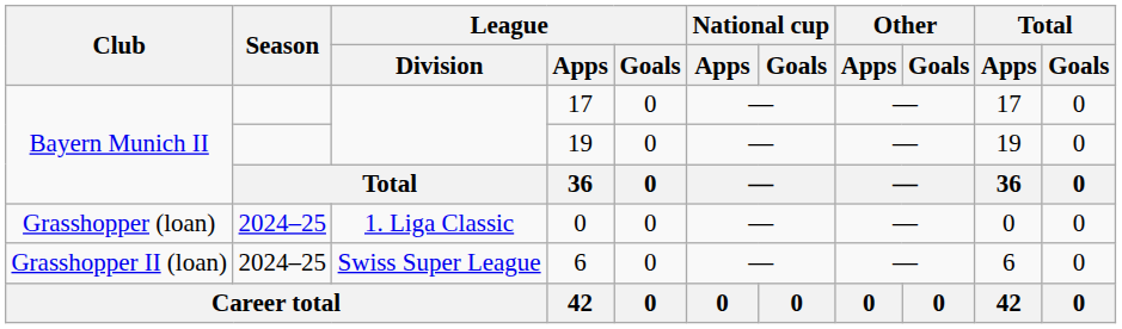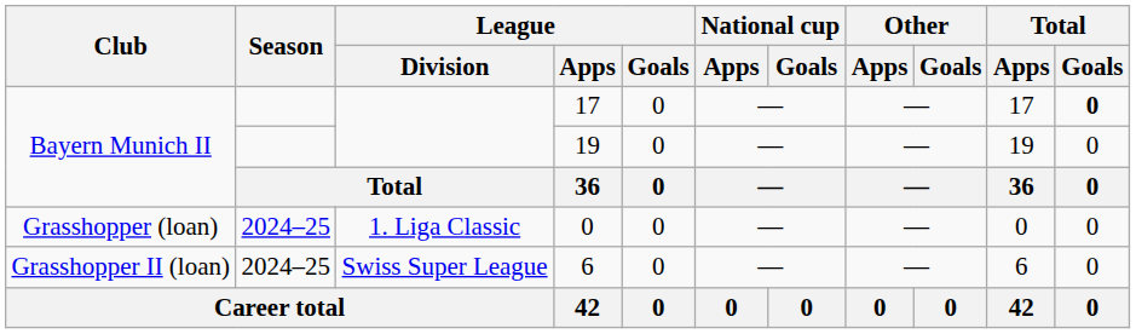 <table class="wikitable" style="text-align:center">
 <tr>
 <th rowspan="2">Club</th>
 <th rowspan="2">Season</th>
 <th colspan="3">League</th>
 <th colspan="2">National cup</th>
 <th colspan="2">Other</th>
 <th colspan="2">Total</th>
 </tr>
 <tr>
 <th>Division</th>
 <th>Apps</th>
 <th>Goals</th>
 <th>Apps</th>
 <th>Goals</th>
 <th>Apps</th>
 <th>Goals</th>
 <th>Apps</th>
 <th>Goals</th>
 </tr>
 <tr>
 <td rowspan="3"><a href='#'>Bayern Munich II</a></td>
 <td></td>
 <td rowspan="2"></td>
 <td>17</td>
 <td>0</td>
 <td colspan="2">—</td>
 <td colspan="2">—</td>
 <td>17</td>
-<td>0</td>
+<td><strong>0</strong></td>
 </tr>
 <tr>
 <td></td>
 <td>19</td>
 <td>0</td>
 <td colspan="2">—</td>
 <td colspan="2">—</td>
 <td>19</td>
 <td>0</td>
 </tr>
 <tr>
 <th colspan="2">Total</th>
 <th>36</th>
 <th>0</th>
 <th colspan="2">—</th>
 <th colspan="2">—</th>
 <th>36</th>
 <th>0</th>
 </tr>
 <tr>
 <td><a href='#'>Grasshopper</a> (loan)</td>
 <td><a href='#'>2024–25</a></td>
 <td><a href='#'>1. Liga Classic</a></td>
 <td>0</td>
 <td>0</td>
 <td colspan="2">—</td>
 <td colspan="2">—</td>
 <td>0</td>
 <td>0</td>
 </tr>
 <tr>
 <td><a href='#'>Grasshopper II</a> (loan)</td>
 <td>2024–25</td>
 <td><a href='#'>Swiss Super League</a></td>
 <td>6</td>
 <td>0</td>
 <td colspan="2">—</td>
 <td colspan="2">—</td>
 <td>6</td>
 <td>0</td>
 </tr>
 <tr>
 <th colspan="3">Career total</th>
 <th>42</th>
 <th>0</th>
 <th>0</th>
 <th>0</th>
 <th>0</th>
 <th>0</th>
 <th>42</th>
 <th>0</th>
 </tr>
 </table>
